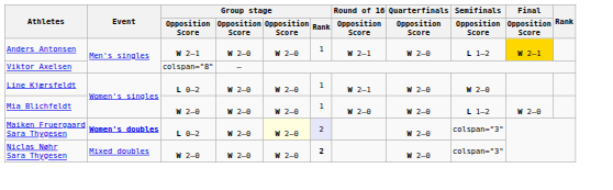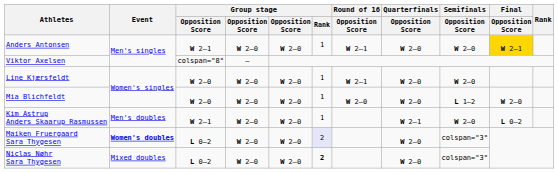 <table class="wikitable" style="font-size:90%">
 <tr>
 <th rowspan="2">Athletes</th>
 <th rowspan="2">Event</th>
 <th colspan="4">Group stage</th>
 <th>Round of 16</th>
 <th>Quarterfinals</th>
 <th>Semifinals</th>
 <th>Final</th>
 <th rowspan="2">Rank</th>
 </tr>
 <tr style="font-size:95%">
 <th>Opposition<br>Score</th>
 <th>Opposition<br>Score</th>
 <th>Opposition<br>Score</th>
 <th>Rank</th>
 <th>Opposition<br>Score</th>
 <th>Opposition<br>Score</th>
 <th>Opposition<br>Score</th>
 <th>Opposition<br>Score</th>
 </tr>
 <tr align="center">
 <td align="left"><a href='#'>Anders Antonsen</a></td>
 <td align="left" rowspan="2"><a href='#'>Men's singles</a></td>
 <td><br> <strong>W</strong> 2–1</td>
 <td><br> <strong>W</strong> 2–0</td>
 <td><br> <strong>W</strong> 2–0</td>
 <td>1</td>
 <td><br> <strong>W</strong> 2–1</td>
 <td><br> <strong>W</strong> 2–0</td>
-<td><br> <strong>L</strong> 1–2</td>
+<td><br> <strong>W</strong> 2–0</td>
 <td style="background: gold;"><br> <strong>W</strong> 2–1</td>
 <td></td>
 </tr>
 <tr align="center">
 <td align="left"><a href='#'>Viktor Axelsen</a></td>
 <td>colspan="8" </td>
 <td>–</td>
 </tr>
 <tr align="center">
 <td align="left"><a href='#'>Line Kjærsfeldt</a></td>
 <td align="left" rowspan="2"><a href='#'>Women's singles</a></td>
-<td><br> <strong>L</strong> 0–2</td>
+<td><br> <strong>W</strong> 2–0</td>
 <td><br> <strong>W</strong> 2–0</td>
 <td><br> <strong>W</strong> 2–0</td>
 <td>1</td>
 <td><br> <strong>W</strong> 2–1</td>
 <td><br> <strong>W</strong> 2–0</td>
 <td><br> <strong>W</strong> 2–0</td>
 <td></td>
 <td></td>
 </tr>
 <tr align="center">
 <td align="left"><a href='#'>Mia Blichfeldt</a></td>
 <td><br> <strong>W</strong> 2–0</td>
 <td><br> <strong>W</strong> 2–0</td>
 <td><br> <strong>W</strong> 2–0</td>
 <td>1</td>
 <td><br> <strong>W</strong> 2–0</td>
 <td><br> <strong>W</strong> 2–0</td>
 <td><br> <strong>L</strong> 1–2</td>
 <td><br> <strong>W</strong> 2–0</td>
 <td></td>
 </tr>
 <tr align="center">
+<td align="left"><a href='#'>Kim Astrup</a><br><a href='#'>Anders Skaarup Rasmussen</a></td>
+<td align="left"><a href='#'>Men's doubles</a></td>
+<td><br> <strong>W</strong> 2–1</td>
+<td><br> <strong>W</strong> 2–0</td>
+<td><br> <strong>W</strong> 2–0</td>
+<td>1</td>
+<td></td>
+<td><br> <strong>W</strong> 2–1</td>
+<td><br> <strong>W</strong> 2–0</td>
+<td><br> <strong>L</strong> 0–2</td>
+<td></td>
+</tr>
+<tr align="center">
 <td align="left"><a href='#'>Maiken Fruergaard</a><br><a href='#'>Sara Thygesen</a></td>
 <td align="left"><strong><a href='#'>Women's doubles</a></strong></td>
 <td><br> <strong>L</strong> 0–2</td>
 <td><br> <strong>W</strong> 2–0</td>
-<td style="background: lightyellow;"><br> <strong>W</strong> 2–0</td>
+<td><br> <strong>W</strong> 2–0</td>
 <td style="background: lavender;">2</td>
 <td></td>
 <td><br> <strong>W</strong> 2–0</td>
 <td>colspan="3" </td>
 </tr>
 <tr align="center">
 <td align="left"><a href='#'>Niclas Nøhr</a><br><a href='#'>Sara Thygesen</a></td>
 <td align="left"><a href='#'>Mixed doubles</a></td>
-<td><br> <strong>W</strong> 2–0</td>
+<td><br> <strong>L</strong> 0–2</td>
 <td><br> <strong>W</strong> 2–0</td>
 <td><br> <strong>W</strong> 2–0</td>
 <td><strong>2</strong></td>
 <td></td>
 <td><br> <strong>W</strong> 2–0</td>
 <td>colspan="3" </td>
 </tr>
 </table>
